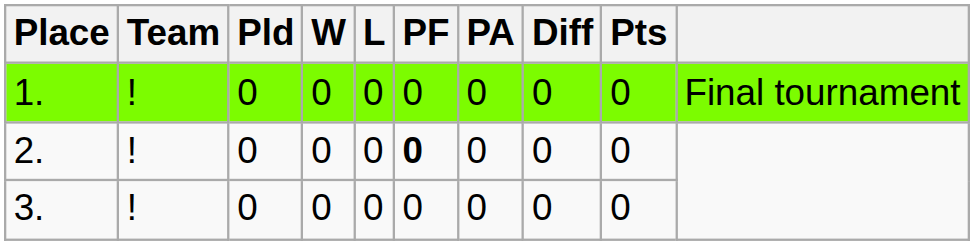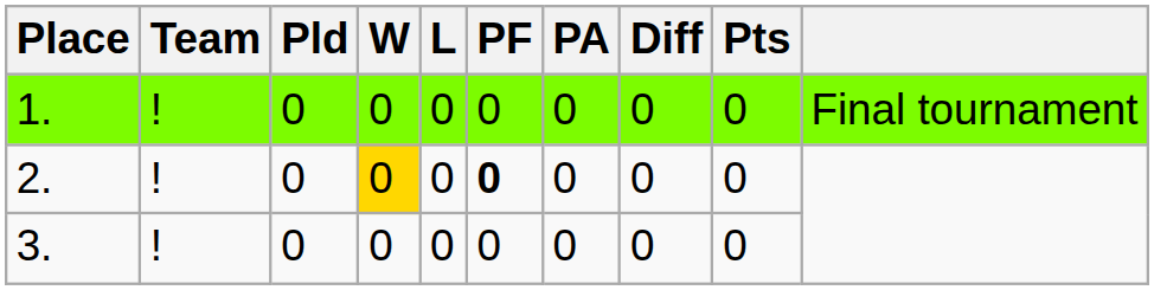 <table class="wikitable">
 <tr>
 <th>Place</th>
 <th>Team</th>
 <th>Pld</th>
 <th>W</th>
 <th>L</th>
 <th>PF</th>
 <th>PA</th>
 <th>Diff</th>
 <th>Pts</th>
 <th></th>
 </tr>
 <tr bgcolor="lawngreen">
 <td>1.</td>
 <td>!</td>
 <td>0</td>
 <td>0</td>
 <td>0</td>
 <td>0</td>
 <td>0</td>
 <td>0</td>
 <td>0</td>
 <td rowspan="1">Final tournament</td>
 </tr>
 <tr>
 <td>2.</td>
 <td>!</td>
 <td>0</td>
-<td>0</td>
+<td style="background: gold;">0</td>
 <td>0</td>
 <td><strong>0</strong></td>
 <td>0</td>
 <td>0</td>
 <td>0</td>
 <td rowspan="2"></td>
 </tr>
 <tr>
 <td>3.</td>
 <td>!</td>
 <td>0</td>
 <td>0</td>
 <td>0</td>
 <td>0</td>
 <td>0</td>
 <td>0</td>
 <td>0</td>
 </tr>
 </table>
